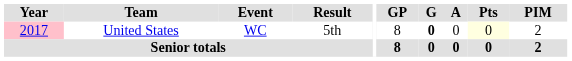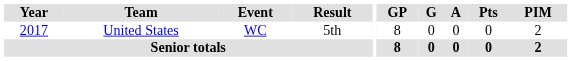 <table border="0" cellpadding="1" cellspacing="0" ID="Table3" style="text-align:center; width:40em;">
 <tr bgcolor="#e0e0e0">
 <th>Year</th>
 <th>Team</th>
 <th>Event</th>
 <th>Result</th>
 <th rowspan="99" bgcolor="#ffffff"></th>
 <th>GP</th>
 <th>G</th>
 <th>A</th>
 <th>Pts</th>
 <th>PIM</th>
 </tr>
 <tr>
-<td style="background: pink;"><a href='#'>2017</a></td>
+<td><a href='#'>2017</a></td>
 <td><a href='#'>United States</a></td>
 <td><a href='#'>WC</a></td>
 <td>5th</td>
 <td>8</td>
-<td><strong>0</strong></td>
 <td>0</td>
-<td style="background: lightyellow;">0</td>
+<td>0</td>
+<td>0</td>
 <td>2</td>
 </tr>
 <tr bgcolor="#e0e0e0">
 <th colspan="4">Senior totals</th>
 <th>8</th>
 <th>0</th>
 <th>0</th>
 <th>0</th>
 <th>2</th>
 </tr>
 </table>
